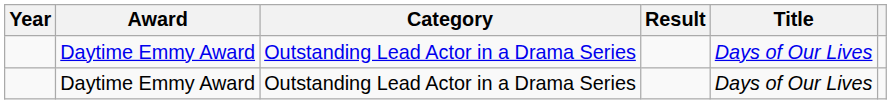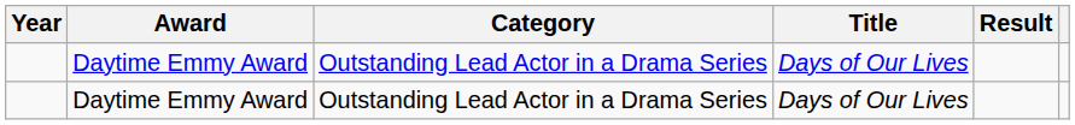 <table class="wikitable sortable plainrowheaders">
 <tr>
 <th scope="col">Year</th>
 <th scope="col">Award</th>
 <th scope="col">Category</th>
+<th scope="col">Title</th>
 <th scope="col">Result</th>
-<th scope="col">Title</th>
 <th scope="col" class="unsortable"></th>
 </tr>
 <tr>
 <td></td>
 <td><a href='#'>Daytime Emmy Award</a></td>
 <td><a href='#'>Outstanding Lead Actor in a Drama Series</a></td>
+<td><em><a href='#'>Days of Our Lives</a></em></td>
 <td></td>
-<td><em><a href='#'>Days of Our Lives</a></em></td>
 <td></td>
 </tr>
 <tr>
 <td></td>
 <td>Daytime Emmy Award</td>
 <td>Outstanding Lead Actor in a Drama Series</td>
+<td><em>Days of Our Lives</em></td>
 <td></td>
-<td><em>Days of Our Lives</em></td>
 <td></td>
 </tr>
 </table>
